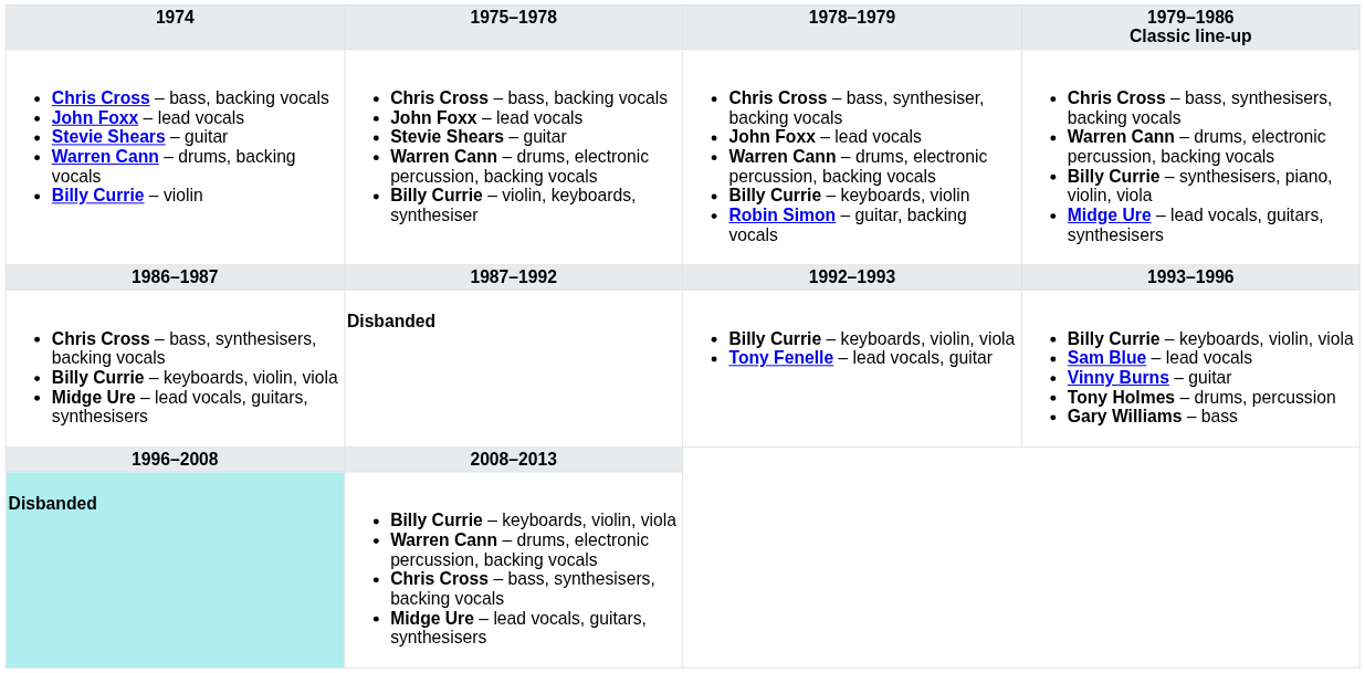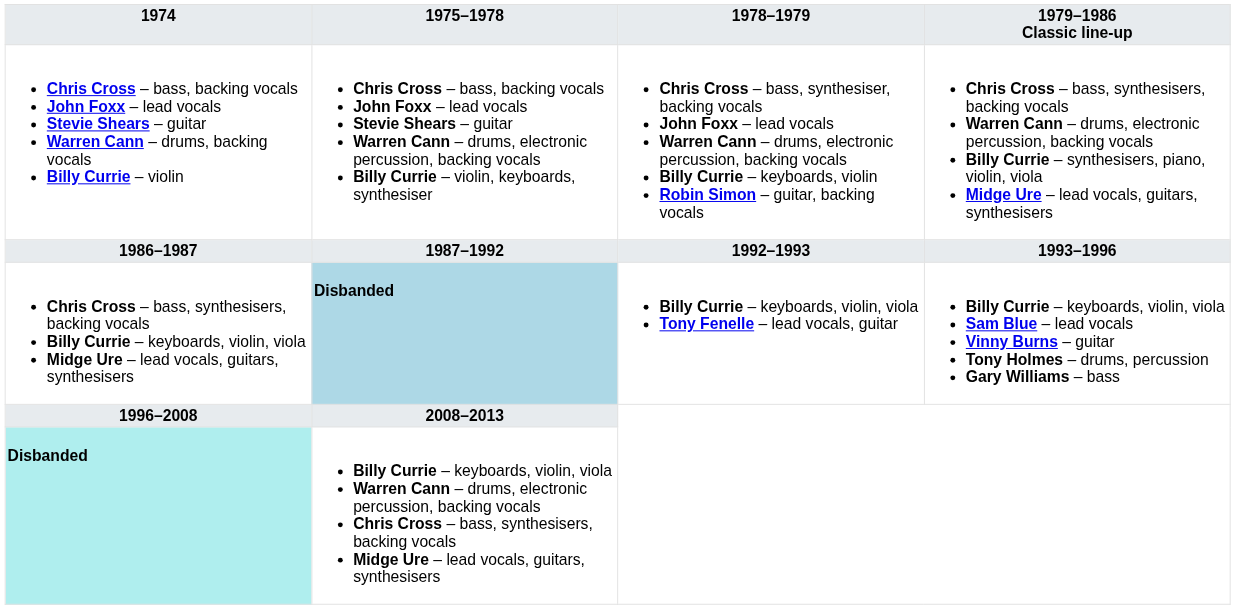 <table class="toccolours" border=1 cellpadding=2 cellspacing=0 style="float: width: 375px; margin: 0 0 1em 1em; border-collapse: collapse; border: 1px solid #E2E2E2;" width=99%>
 <tr>
 <th bgcolor="#E7EBEE" valign=top width=25%>1974</th>
 <th bgcolor="#E7EBEE" valign=top width=25%>1975–1978</th>
 <th bgcolor="#E7EBEE" valign=top width=25%>1978–1979</th>
 <th bgcolor="#E7EBEE" valign=top width=25%>1979–1986<br>Classic line-up</th>
 </tr>
 <tr>
 <td valign=top><br><ul><li><strong><a href='#'>Chris Cross</a></strong> – bass, backing vocals</li><li><strong><a href='#'>John Foxx</a></strong> – lead vocals</li><li><strong><a href='#'>Stevie Shears</a></strong> – guitar</li><li><strong><a href='#'>Warren Cann</a></strong> – drums, backing vocals</li><li><strong><a href='#'>Billy Currie</a></strong> – violin</li></ul></td>
 <td valign=top><br><ul><li><strong>Chris Cross</strong> – bass, backing vocals</li><li><strong>John Foxx</strong> – lead vocals</li><li><strong>Stevie Shears</strong> – guitar</li><li><strong>Warren Cann</strong> – drums, electronic percussion, backing vocals</li><li><strong>Billy Currie</strong> – violin, keyboards, synthesiser</li></ul></td>
 <td valign=top><br><ul><li><strong>Chris Cross</strong> – bass, synthesiser, backing vocals</li><li><strong>John Foxx</strong> – lead vocals</li><li><strong>Warren Cann</strong> – drums, electronic percussion, backing vocals</li><li><strong>Billy Currie</strong> – keyboards, violin</li><li><strong><a href='#'>Robin Simon</a></strong> – guitar, backing vocals</li></ul></td>
 <td valign=top><br><ul><li><strong>Chris Cross</strong> – bass, synthesisers, backing vocals</li><li><strong>Warren Cann</strong> – drums, electronic percussion, backing vocals</li><li><strong>Billy Currie</strong> – synthesisers, piano, violin, viola</li><li><strong><a href='#'>Midge Ure</a></strong> – lead vocals, guitars, synthesisers</li></ul></td>
 </tr>
 <tr>
 <th bgcolor="#E7EBEE" valign=top width=25%>1986–1987</th>
 <th bgcolor="#E7EBEE" valign=top width=25%>1987–1992</th>
 <th bgcolor="#E7EBEE" valign=top width=25%>1992–1993</th>
 <th bgcolor="#E7EBEE" valign=top width=25%>1993–1996</th>
 </tr>
 <tr>
 <td valign=top><br><ul><li><strong>Chris Cross</strong> – bass, synthesisers, backing vocals</li><li><strong>Billy Currie</strong> – keyboards, violin, viola</li><li><strong>Midge Ure</strong> – lead vocals, guitars, synthesisers</li></ul></td>
-<td valign=top><br><strong>Disbanded</strong></td>
+<td valign=top style="background: lightblue;"><br><strong>Disbanded</strong></td>
 <td valign=top><br><ul><li><strong>Billy Currie</strong> – keyboards, violin, viola</li><li><strong><a href='#'>Tony Fenelle</a></strong> – lead vocals, guitar</li></ul></td>
 <td><br><ul><li><strong>Billy Currie</strong> – keyboards, violin, viola</li><li><strong><a href='#'>Sam Blue</a></strong> – lead vocals</li><li><strong><a href='#'>Vinny Burns</a></strong> – guitar</li><li><strong>Tony Holmes</strong> – drums, percussion</li><li><strong>Gary Williams</strong> – bass</li></ul></td>
 </tr>
 <tr>
 <th bgcolor="#E7EBEE" valign=top width=25%>1996–2008</th>
 <th bgcolor="#E7EBEE" valign=top width=25%>2008–2013</th>
 </tr>
 <tr>
 <td valign=top style="background: paleturquoise;"><br><strong>Disbanded</strong></td>
 <td valign=top><br><ul><li><strong>Billy Currie</strong> – keyboards, violin, viola</li><li><strong>Warren Cann</strong> – drums, electronic percussion, backing vocals</li><li><strong>Chris Cross</strong> – bass, synthesisers, backing vocals</li><li><strong>Midge Ure</strong> – lead vocals, guitars, synthesisers</li></ul></td>
 </tr>
 </table>
